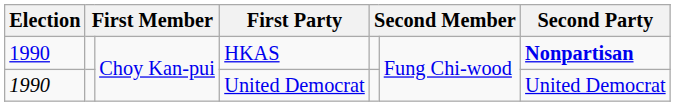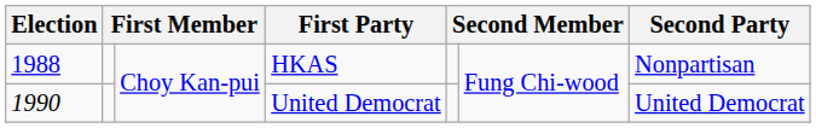 <table class="wikitable">
 <tr>
 <th>Election</th>
 <th colspan="2">First Member</th>
 <th>First Party</th>
 <th colspan="2">Second Member</th>
 <th>Second Party</th>
 </tr>
 <tr>
-<td><a href='#'>1990</a></td>
+<td><a href='#'>1988</a></td>
 <td style="background-color: "></td>
 <td rowspan=2><a href='#'>Choy Kan-pui</a></td>
 <td><a href='#'>HKAS</a></td>
 <td style="background-color: "></td>
 <td rowspan=2><a href='#'>Fung Chi-wood</a></td>
-<td><strong><a href='#'>Nonpartisan</a></strong></td>
+<td><a href='#'>Nonpartisan</a></td>
 </tr>
 <tr>
 <td><em>1990</em></td>
 <td style="background-color: "></td>
 <td><a href='#'>United Democrat</a></td>
 <td style="background-color: "></td>
 <td><a href='#'>United Democrat</a></td>
 </tr>
 </table>
